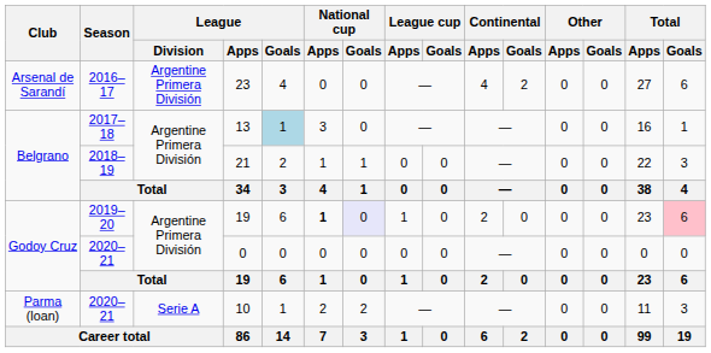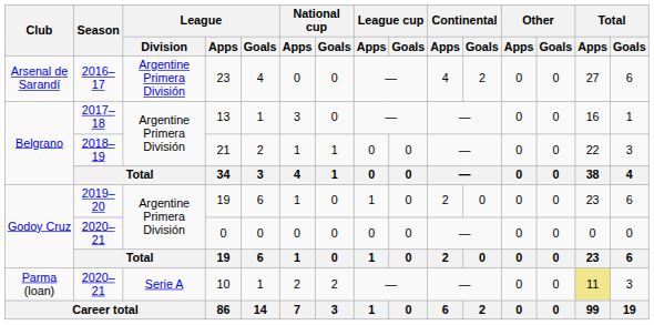 <table class="wikitable" style="text-align:center">
 <tr>
 <th rowspan="2">Club</th>
 <th rowspan="2">Season</th>
 <th colspan="3">League</th>
 <th colspan="2">National cup</th>
 <th colspan="2">League cup</th>
 <th colspan="2">Continental</th>
 <th colspan="2">Other</th>
 <th colspan="2">Total</th>
 </tr>
 <tr>
 <th>Division</th>
 <th>Apps</th>
 <th>Goals</th>
 <th>Apps</th>
 <th>Goals</th>
 <th>Apps</th>
 <th>Goals</th>
 <th>Apps</th>
 <th>Goals</th>
 <th>Apps</th>
 <th>Goals</th>
 <th>Apps</th>
 <th>Goals</th>
 </tr>
 <tr>
 <td><a href='#'>Arsenal de Sarandí</a></td>
 <td><a href='#'>2016–17</a></td>
 <td><a href='#'>Argentine Primera División</a></td>
 <td>23</td>
 <td>4</td>
 <td>0</td>
 <td>0</td>
 <td colspan="2">—</td>
 <td>4</td>
 <td>2</td>
 <td>0</td>
 <td>0</td>
 <td>27</td>
 <td>6</td>
 </tr>
 <tr>
 <td rowspan="3"><a href='#'>Belgrano</a></td>
 <td><a href='#'>2017–18</a></td>
 <td rowspan="2">Argentine Primera División</td>
 <td>13</td>
-<td style="background: lightblue;">1</td>
+<td>1</td>
 <td>3</td>
 <td>0</td>
 <td colspan="2">—</td>
 <td colspan="2">—</td>
 <td>0</td>
 <td>0</td>
 <td>16</td>
 <td>1</td>
 </tr>
 <tr>
 <td><a href='#'>2018–19</a></td>
 <td>21</td>
 <td>2</td>
 <td>1</td>
 <td>1</td>
 <td>0</td>
 <td>0</td>
 <td colspan="2">—</td>
 <td>0</td>
 <td>0</td>
 <td>22</td>
 <td>3</td>
 </tr>
 <tr>
 <th colspan="2">Total</th>
 <th>34</th>
 <th>3</th>
 <th>4</th>
 <th>1</th>
 <th>0</th>
 <th>0</th>
 <th colspan="2">—</th>
 <th>0</th>
 <th>0</th>
 <th>38</th>
 <th>4</th>
 </tr>
 <tr>
 <td rowspan="3"><a href='#'>Godoy Cruz</a></td>
 <td><a href='#'>2019–20</a></td>
 <td rowspan="2">Argentine Primera División</td>
 <td>19</td>
 <td>6</td>
-<td><strong>1</strong></td>
-<td style="background: lavender;">0</td>
+<td>1</td>
+<td>0</td>
 <td>1</td>
 <td>0</td>
 <td>2</td>
 <td>0</td>
 <td>0</td>
 <td>0</td>
 <td>23</td>
-<td style="background: pink;">6</td>
+<td>6</td>
 </tr>
 <tr>
 <td><a href='#'>2020–21</a></td>
 <td>0</td>
 <td>0</td>
 <td>0</td>
 <td>0</td>
 <td>0</td>
 <td>0</td>
 <td colspan="2">—</td>
 <td>0</td>
 <td>0</td>
 <td>0</td>
 <td>0</td>
 </tr>
 <tr>
 <th colspan="2">Total</th>
 <th>19</th>
 <th>6</th>
 <th>1</th>
 <th>0</th>
 <th>1</th>
 <th>0</th>
 <th>2</th>
 <th>0</th>
 <th>0</th>
 <th>0</th>
 <th>23</th>
 <th>6</th>
 </tr>
 <tr>
 <td><a href='#'>Parma</a> (loan)</td>
 <td><a href='#'>2020–21</a></td>
 <td><a href='#'>Serie A</a></td>
 <td>10</td>
 <td>1</td>
 <td>2</td>
 <td>2</td>
 <td colspan="2">—</td>
 <td colspan="2">—</td>
 <td>0</td>
 <td>0</td>
-<td>11</td>
+<td style="background: khaki;">11</td>
 <td>3</td>
 </tr>
 <tr>
 <th colspan="3">Career total</th>
 <th>86</th>
 <th>14</th>
 <th>7</th>
 <th>3</th>
 <th>1</th>
 <th>0</th>
 <th>6</th>
 <th>2</th>
 <th>0</th>
 <th>0</th>
 <th>99</th>
 <th>19</th>
 </tr>
 </table>
